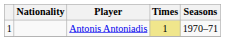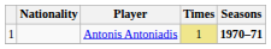 <table class="wikitable" style="text-align:center;margin-left:1em">
 <tr>
 <th></th>
 <th>Nationality</th>
 <th>Player</th>
 <th>Times</th>
 <th>Seasons</th>
 </tr>
 <tr>
 <td>1</td>
 <td></td>
 <td><a href='#'>Antonis Antoniadis</a></td>
 <td align="center" 1 style="background: khaki;">1</td>
-<td>1970–71</td>
+<td><strong>1970–71</strong></td>
 </tr>
 <tr>
 </tr>
 </table>
